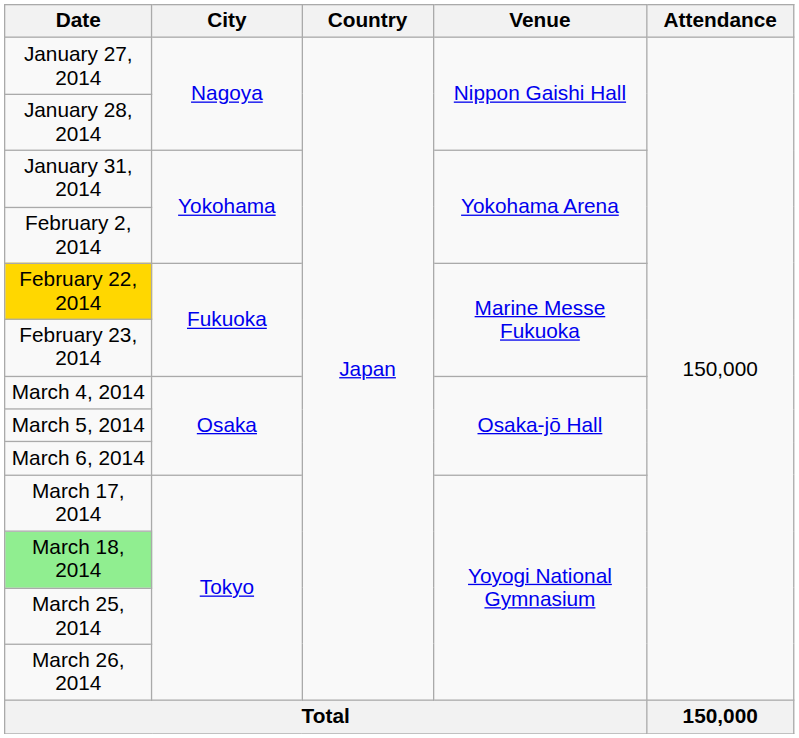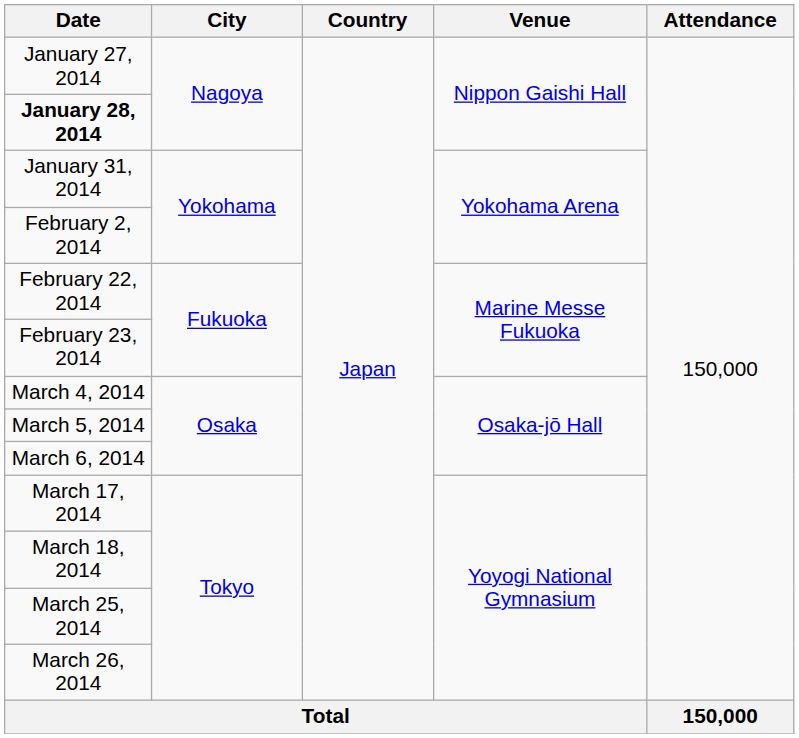 <table class="wikitable" style="text-align:center;">
 <tr>
 <th scope="col" style="width:12em;">Date</th>
 <th scope="col" style="width:11em;">City</th>
 <th scope="col" style="width:10em;">Country</th>
 <th scope="col" style="width:19em;">Venue</th>
 <th scope="col" style="width:9em;">Attendance</th>
 </tr>
 <tr>
 <td>January 27, 2014</td>
 <td rowspan="2"><a href='#'>Nagoya</a></td>
 <td rowspan="13"><a href='#'>Japan</a></td>
 <td rowspan="2"><a href='#'>Nippon Gaishi Hall</a></td>
 <td rowspan="13">150,000</td>
 </tr>
 <tr>
-<td>January 28, 2014</td>
+<td><strong>January 28, 2014</strong></td>
 </tr>
 <tr>
 <td>January 31, 2014</td>
 <td rowspan="2"><a href='#'>Yokohama</a></td>
 <td rowspan="2"><a href='#'>Yokohama Arena</a></td>
 </tr>
 <tr>
 <td>February 2, 2014</td>
 </tr>
 <tr>
-<td style="background: gold;">February 22, 2014</td>
+<td>February 22, 2014</td>
 <td rowspan="2"><a href='#'>Fukuoka</a></td>
 <td rowspan="2"><a href='#'>Marine Messe Fukuoka</a></td>
 </tr>
 <tr>
 <td>February 23, 2014</td>
 </tr>
 <tr>
 <td>March 4, 2014</td>
 <td rowspan="3"><a href='#'>Osaka</a></td>
 <td rowspan="3"><a href='#'>Osaka-jō Hall</a></td>
 </tr>
 <tr>
 <td>March 5, 2014</td>
 </tr>
 <tr>
 <td>March 6, 2014</td>
 </tr>
 <tr>
 <td>March 17, 2014</td>
 <td rowspan="4"><a href='#'>Tokyo</a></td>
 <td rowspan="4"><a href='#'>Yoyogi National Gymnasium</a></td>
 </tr>
 <tr>
-<td style="background: lightgreen;">March 18, 2014</td>
+<td>March 18, 2014</td>
 </tr>
 <tr>
 <td>March 25, 2014</td>
 </tr>
 <tr>
 <td>March 26, 2014</td>
 </tr>
 <tr>
 <th colspan="4">Total</th>
 <th>150,000</th>
 </tr>
 </table>
